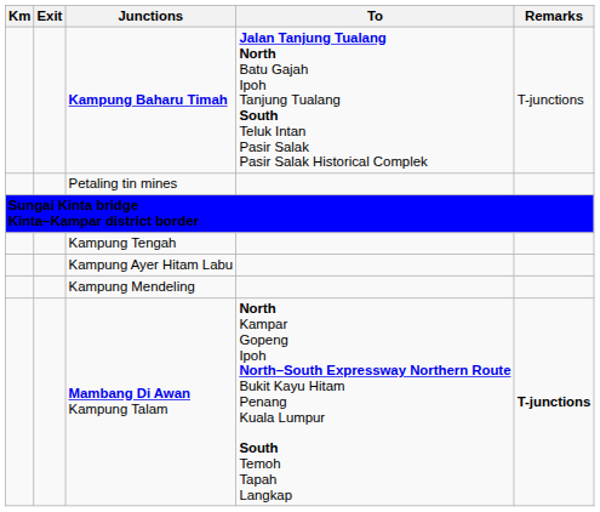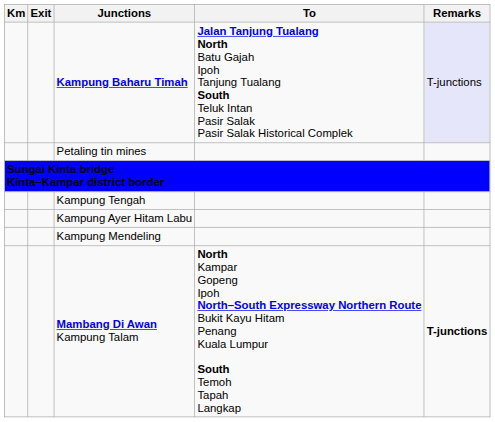 <table class="wikitable">
 <tr>
 <th>Km</th>
 <th>Exit</th>
 <th>Junctions</th>
 <th>To</th>
 <th>Remarks</th>
 </tr>
 <tr>
 <td></td>
 <td></td>
 <td><strong><a href='#'>Kampung Baharu Timah</a></strong></td>
 <td> <strong><a href='#'>Jalan Tanjung Tualang</a></strong><br><strong>North</strong><br>Batu Gajah<br>Ipoh<br>Tanjung Tualang<br><strong>South</strong><br>Teluk Intan<br>Pasir Salak<br>Pasir Salak Historical Complek</td>
-<td>T-junctions</td>
+<td style="background: lavender;">T-junctions</td>
 </tr>
 <tr>
 <td></td>
 <td></td>
 <td>Petaling tin mines</td>
 <td></td>
 <td></td>
 </tr>
 <tr>
 <td style="width:600px" colspan="6" style="text-align:center" bgcolor="blue"><strong><span>Sungai Kinta bridge<br>Kinta–Kampar district border</span></strong></td>
 </tr>
 <tr>
 <td></td>
 <td></td>
 <td>Kampung Tengah</td>
 <td></td>
 <td></td>
 </tr>
 <tr>
 <td></td>
 <td></td>
 <td>Kampung Ayer Hitam Labu</td>
 <td></td>
 <td></td>
 </tr>
 <tr>
 <td></td>
 <td></td>
 <td>Kampung Mendeling</td>
 <td></td>
 <td></td>
 </tr>
 <tr>
 <td></td>
 <td></td>
 <td><strong><a href='#'>Mambang Di Awan</a></strong><br>Kampung Talam</td>
 <td><strong>North</strong><br> Kampar<br> Gopeng<br> Ipoh<br>  <strong><a href='#'>North–South Expressway Northern Route</a></strong><br>Bukit Kayu Hitam<br>Penang<br>Kuala Lumpur<br><br><strong>South</strong><br> Temoh<br> Tapah<br> Langkap</td>
 <td><strong>T-junctions</strong></td>
 </tr>
 </table>
